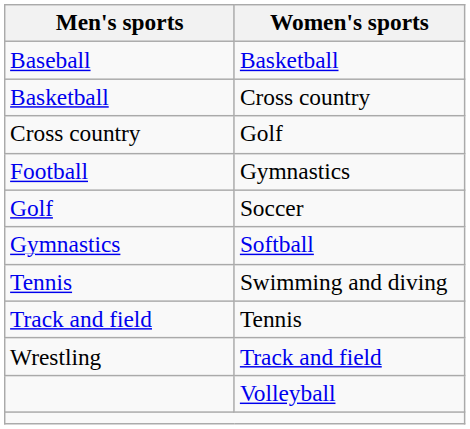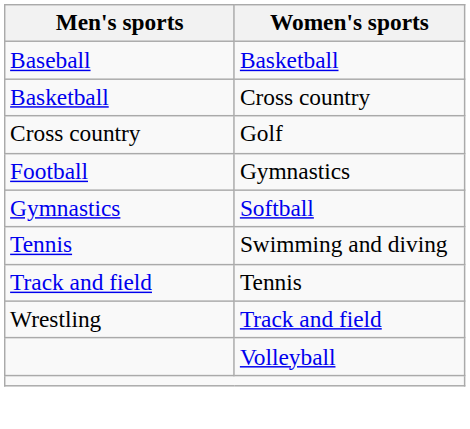 <table class="wikitable" style=" ">
 <tr>
 <th width=150px>Men's sports</th>
 <th width=150px>Women's sports</th>
 </tr>
 <tr>
 <td><a href='#'>Baseball</a></td>
 <td><a href='#'>Basketball</a></td>
 </tr>
 <tr>
 <td><a href='#'>Basketball</a></td>
 <td>Cross country</td>
 </tr>
 <tr>
 <td>Cross country</td>
 <td>Golf</td>
 </tr>
 <tr>
 <td><a href='#'>Football</a></td>
 <td>Gymnastics</td>
-</tr>
-<tr>
-<td><a href='#'>Golf</a></td>
-<td>Soccer</td>
 </tr>
 <tr>
 <td><a href='#'>Gymnastics</a></td>
 <td><a href='#'>Softball</a></td>
 </tr>
 <tr>
 <td><a href='#'>Tennis</a></td>
 <td>Swimming and diving</td>
 </tr>
 <tr>
 <td><a href='#'>Track and field</a></td>
 <td>Tennis</td>
 </tr>
 <tr>
 <td>Wrestling</td>
 <td><a href='#'>Track and field</a></td>
 </tr>
 <tr>
 <td></td>
 <td><a href='#'>Volleyball</a></td>
 </tr>
 <tr>
 <td colspan="2"></td>
 </tr>
 </table>
